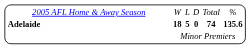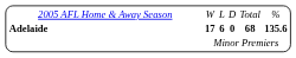 <table style="margin-right:4px; margin-top:8px; float:right; border:1px #000 solid; border-radius:8px; background:#fff; font-family:Verdana; font-size:8pt; text-align:center;">
 <tr>
 <td width=200><em><a href='#'>2005 AFL Home & Away Season</a></em></td>
 <td><em>W</em></td>
 <td><em>L</em></td>
 <td><em>D</em></td>
 <td><em>Total</em></td>
 <td><em>%</em></td>
 </tr>
 <tr>
 <td style="text-align:left"><strong>Adelaide</strong></td>
-<td><strong>18</strong></td>
-<td><strong>5</strong></td>
+<td><strong>17</strong></td>
+<td><strong>6</strong></td>
 <td><strong>0</strong></td>
-<td><strong>74</strong></td>
+<td><strong>68</strong></td>
 <td><strong>135.6</strong></td>
 </tr>
 <tr>
 <td></td>
 <td colspan=9><em>Minor Premiers</em></td>
 </tr>
 </table>
